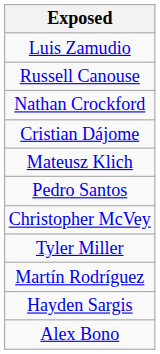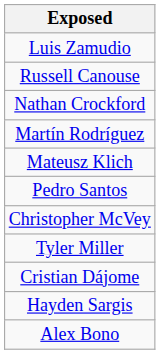 <table class="wikitable" style="text-align:center">
 <tr>
 <th>Exposed</th>
 </tr>
 <tr>
 <td><a href='#'>Luis Zamudio</a></td>
 </tr>
 <tr>
 <td><a href='#'>Russell Canouse</a></td>
 </tr>
 <tr>
 <td><a href='#'>Nathan Crockford</a></td>
 </tr>
 <tr>
-<td><a href='#'>Cristian Dájome</a></td>
+<td><a href='#'>Martín Rodríguez</a></td>
 </tr>
 <tr>
 <td><a href='#'>Mateusz Klich</a></td>
 </tr>
 <tr>
 <td><a href='#'>Pedro Santos</a></td>
 </tr>
 <tr>
 <td><a href='#'>Christopher McVey</a></td>
 </tr>
 <tr>
 <td><a href='#'>Tyler Miller</a></td>
 </tr>
 <tr>
-<td><a href='#'>Martín Rodríguez</a></td>
+<td><a href='#'>Cristian Dájome</a></td>
 </tr>
 <tr>
 <td><a href='#'>Hayden Sargis</a></td>
 </tr>
 <tr>
 <td><a href='#'>Alex Bono</a></td>
 </tr>
 </table>
